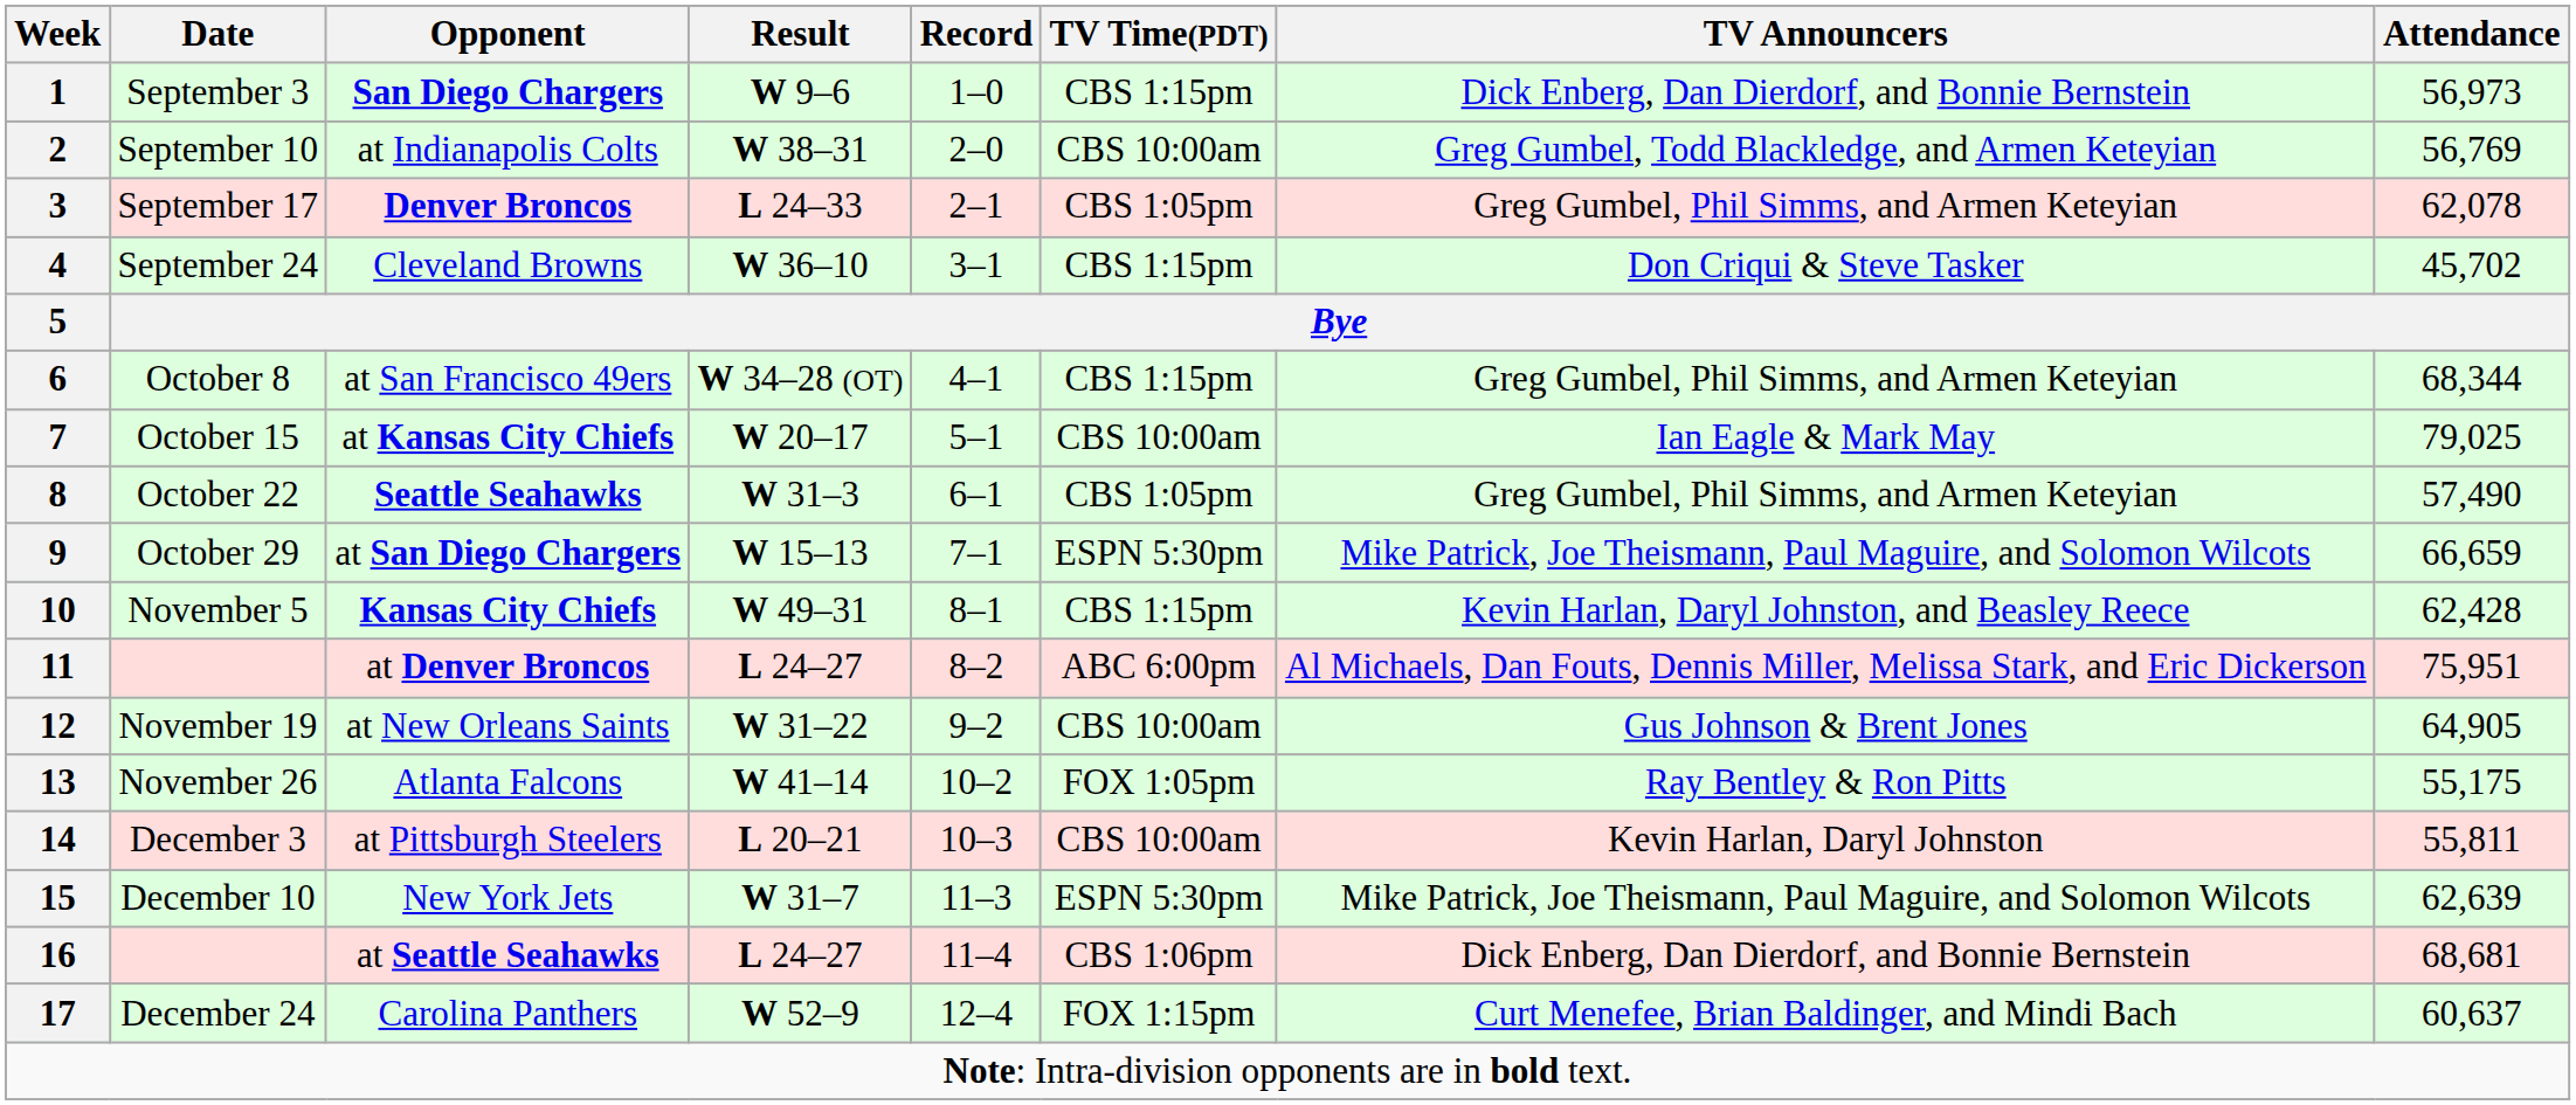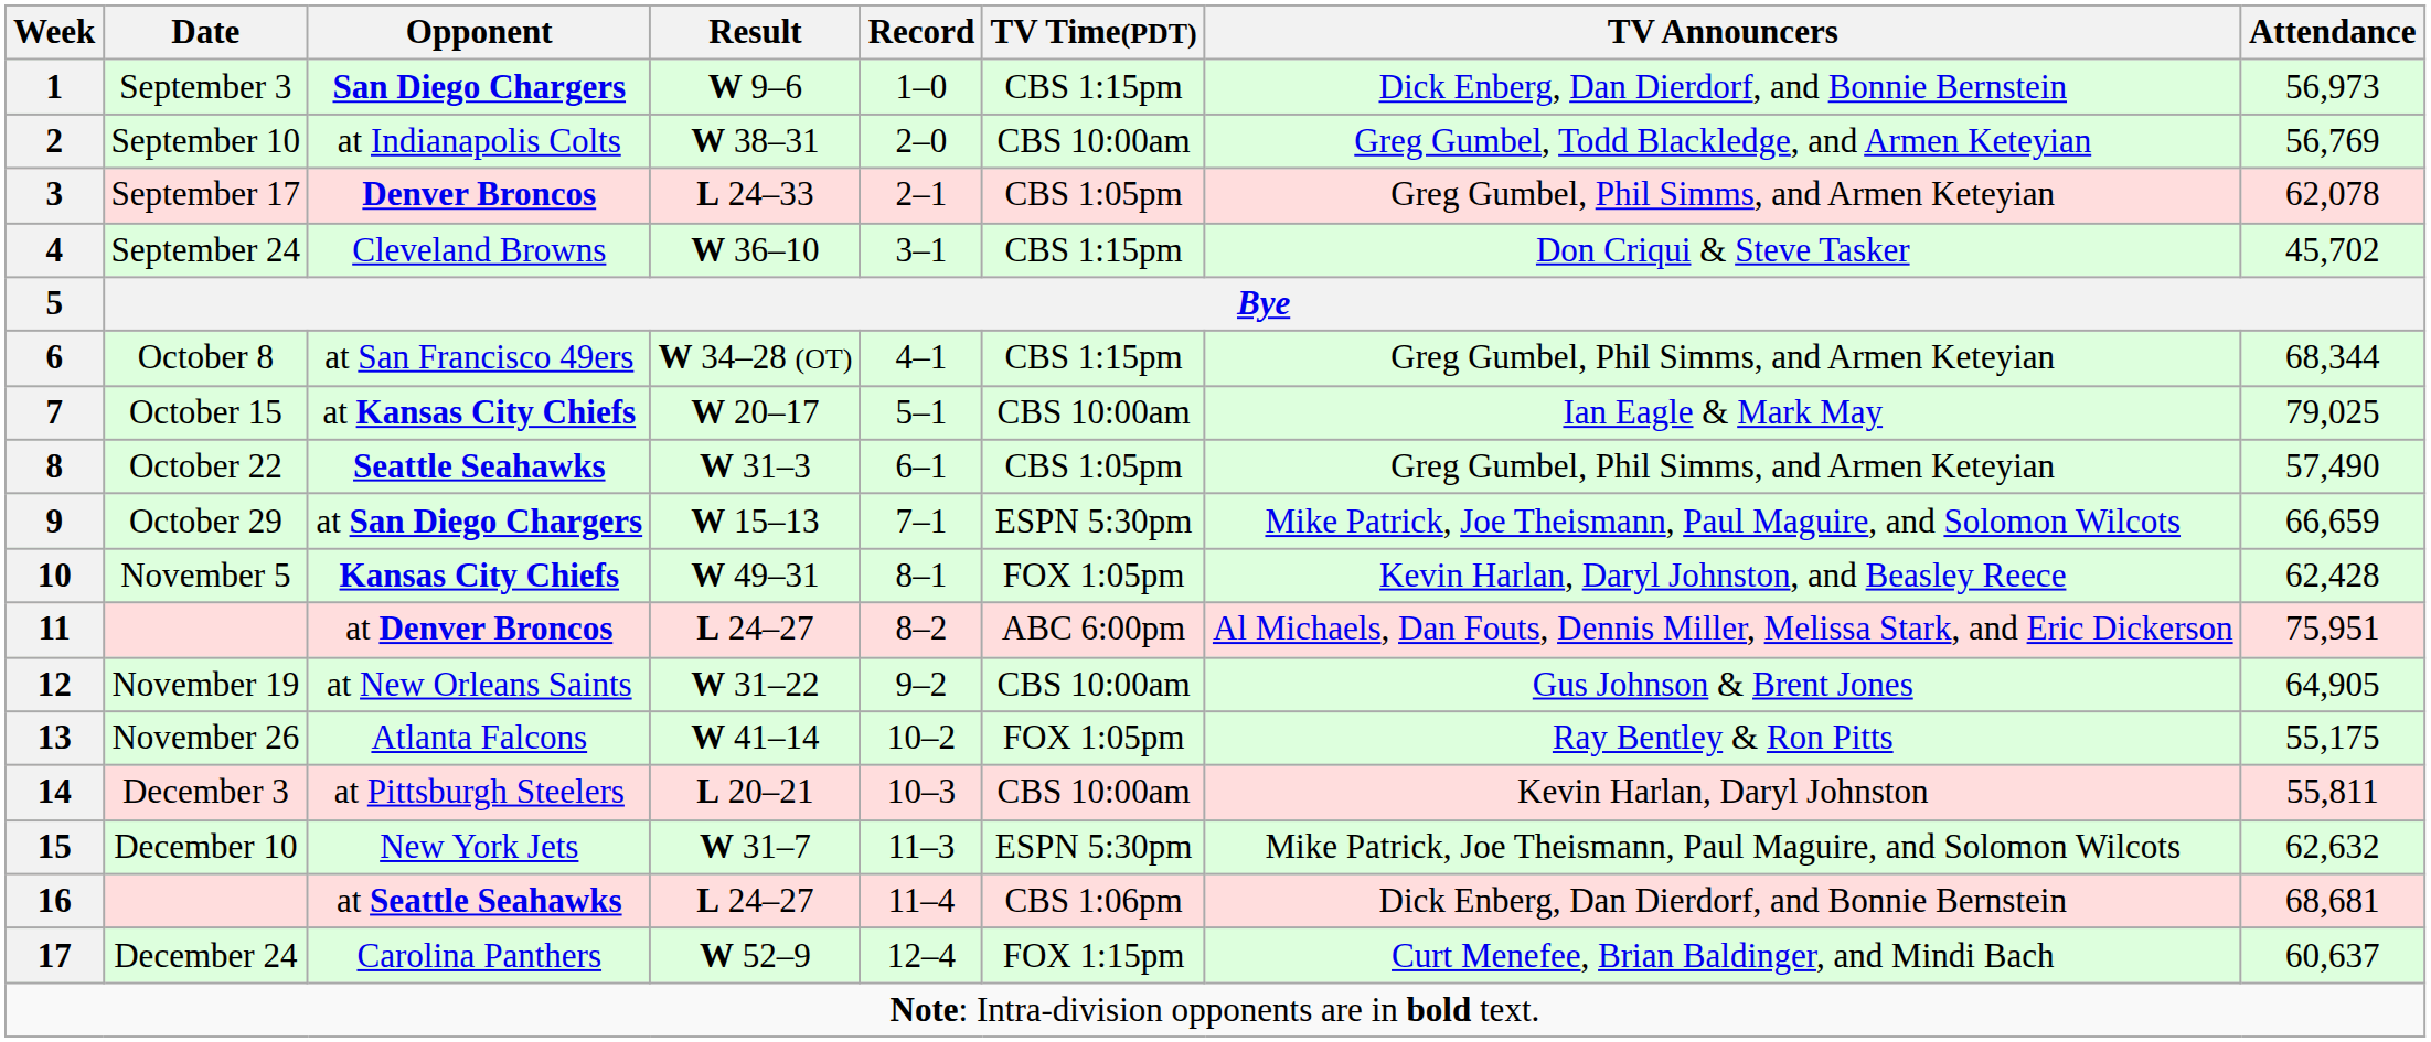 <table class="wikitable" style="text-align:center;">
 <tr>
 <th>Week</th>
 <th>Date</th>
 <th>Opponent</th>
 <th>Result</th>
 <th>Record</th>
 <th>TV Time<small>(PDT)</small></th>
 <th>TV Announcers</th>
 <th>Attendance</th>
 </tr>
 <tr style="background: #ddffdd;">
 <th>1</th>
 <td>September 3</td>
 <td><strong><a href='#'>San Diego Chargers</a></strong></td>
 <td><strong>W</strong> 9–6</td>
 <td>1–0</td>
 <td>CBS 1:15pm</td>
 <td><a href='#'>Dick Enberg</a>, <a href='#'>Dan Dierdorf</a>, and <a href='#'>Bonnie Bernstein</a></td>
 <td>56,973</td>
 </tr>
 <tr style="background: #ddffdd;">
 <th>2</th>
 <td>September 10</td>
 <td>at <a href='#'>Indianapolis Colts</a></td>
 <td><strong>W</strong> 38–31</td>
 <td>2–0</td>
 <td>CBS 10:00am</td>
 <td><a href='#'>Greg Gumbel</a>, <a href='#'>Todd Blackledge</a>, and <a href='#'>Armen Keteyian</a></td>
 <td>56,769</td>
 </tr>
 <tr style="background: #ffdddd;">
 <th>3</th>
 <td>September 17</td>
 <td><strong><a href='#'>Denver Broncos</a></strong></td>
 <td><strong>L</strong> 24–33</td>
 <td>2–1</td>
 <td>CBS 1:05pm</td>
 <td>Greg Gumbel, <a href='#'>Phil Simms</a>, and Armen Keteyian</td>
 <td>62,078</td>
 </tr>
 <tr style="background: #ddffdd;">
 <th>4</th>
 <td>September 24</td>
 <td><a href='#'>Cleveland Browns</a></td>
 <td><strong>W</strong> 36–10</td>
 <td>3–1</td>
 <td>CBS 1:15pm</td>
 <td><a href='#'>Don Criqui</a> & <a href='#'>Steve Tasker</a></td>
 <td>45,702</td>
 </tr>
 <tr>
 <th>5</th>
 <th colspan="7"><em><a href='#'>Bye</a></em></th>
 </tr>
 <tr style="background: #ddffdd;">
 <th>6</th>
 <td>October 8</td>
 <td>at <a href='#'>San Francisco 49ers</a></td>
 <td><strong>W</strong> 34–28 <small>(OT)</small></td>
 <td>4–1</td>
 <td>CBS 1:15pm</td>
 <td>Greg Gumbel, Phil Simms, and Armen Keteyian</td>
 <td>68,344</td>
 </tr>
 <tr style="background: #ddffdd;">
 <th>7</th>
 <td>October 15</td>
 <td>at <strong><a href='#'>Kansas City Chiefs</a></strong></td>
 <td><strong>W</strong> 20–17</td>
 <td>5–1</td>
 <td>CBS 10:00am</td>
 <td><a href='#'>Ian Eagle</a> & <a href='#'>Mark May</a></td>
 <td>79,025</td>
 </tr>
 <tr style="background: #ddffdd;">
 <th>8</th>
 <td>October 22</td>
 <td><strong><a href='#'>Seattle Seahawks</a></strong></td>
 <td><strong>W</strong> 31–3</td>
 <td>6–1</td>
 <td>CBS 1:05pm</td>
 <td>Greg Gumbel, Phil Simms, and Armen Keteyian</td>
 <td>57,490</td>
 </tr>
 <tr style="background: #ddffdd;">
 <th>9</th>
 <td>October 29</td>
 <td>at <strong><a href='#'>San Diego Chargers</a></strong></td>
 <td><strong>W</strong> 15–13</td>
 <td>7–1</td>
 <td>ESPN 5:30pm</td>
 <td><a href='#'>Mike Patrick</a>, <a href='#'>Joe Theismann</a>, <a href='#'>Paul Maguire</a>, and <a href='#'>Solomon Wilcots</a></td>
 <td>66,659</td>
 </tr>
 <tr style="background: #ddffdd;">
 <th>10</th>
 <td>November 5</td>
 <td><strong><a href='#'>Kansas City Chiefs</a></strong></td>
 <td><strong>W</strong> 49–31</td>
 <td>8–1</td>
-<td>CBS 1:15pm</td>
+<td>FOX 1:05pm</td>
 <td><a href='#'>Kevin Harlan</a>, <a href='#'>Daryl Johnston</a>, and <a href='#'>Beasley Reece</a></td>
 <td>62,428</td>
 </tr>
 <tr style="background: #ffdddd;">
 <th>11</th>
 <td></td>
 <td>at <strong><a href='#'>Denver Broncos</a></strong></td>
 <td><strong>L</strong> 24–27</td>
 <td>8–2</td>
 <td>ABC 6:00pm</td>
 <td><a href='#'>Al Michaels</a>, <a href='#'>Dan Fouts</a>, <a href='#'>Dennis Miller</a>, <a href='#'>Melissa Stark</a>, and <a href='#'>Eric Dickerson</a></td>
 <td>75,951</td>
 </tr>
 <tr style="background: #ddffdd;">
 <th>12</th>
 <td>November 19</td>
 <td>at <a href='#'>New Orleans Saints</a></td>
 <td><strong>W</strong> 31–22</td>
 <td>9–2</td>
 <td>CBS 10:00am</td>
 <td><a href='#'>Gus Johnson</a> & <a href='#'>Brent Jones</a></td>
 <td>64,905</td>
 </tr>
 <tr style="background: #ddffdd;">
 <th>13</th>
 <td>November 26</td>
 <td><a href='#'>Atlanta Falcons</a></td>
 <td><strong>W</strong> 41–14</td>
 <td>10–2</td>
 <td>FOX 1:05pm</td>
 <td><a href='#'>Ray Bentley</a> & <a href='#'>Ron Pitts</a></td>
 <td>55,175</td>
 </tr>
 <tr style="background: #ffdddd;">
 <th>14</th>
 <td>December 3</td>
 <td>at <a href='#'>Pittsburgh Steelers</a></td>
 <td><strong>L</strong> 20–21</td>
 <td>10–3</td>
 <td>CBS 10:00am</td>
 <td>Kevin Harlan, Daryl Johnston</td>
 <td>55,811</td>
 </tr>
 <tr style="background: #ddffdd;">
 <th>15</th>
 <td>December 10</td>
 <td><a href='#'>New York Jets</a></td>
 <td><strong>W</strong> 31–7</td>
 <td>11–3</td>
 <td>ESPN 5:30pm</td>
 <td>Mike Patrick, Joe Theismann, Paul Maguire, and Solomon Wilcots</td>
-<td>62,639</td>
+<td>62,632</td>
 </tr>
 <tr style="background: #ffdddd;">
 <th>16</th>
 <td></td>
 <td>at <strong><a href='#'>Seattle Seahawks</a></strong></td>
 <td><strong>L</strong> 24–27</td>
 <td>11–4</td>
 <td>CBS 1:06pm</td>
 <td>Dick Enberg, Dan Dierdorf, and Bonnie Bernstein</td>
 <td>68,681</td>
 </tr>
 <tr style="background: #ddffdd;">
 <th>17</th>
 <td>December 24</td>
 <td><a href='#'>Carolina Panthers</a></td>
 <td><strong>W</strong> 52–9</td>
 <td>12–4</td>
 <td>FOX 1:15pm</td>
 <td><a href='#'>Curt Menefee</a>, <a href='#'>Brian Baldinger</a>, and Mindi Bach</td>
 <td>60,637</td>
 </tr>
 <tr>
 <td colspan="8"><strong>Note</strong>: Intra-division opponents are in <strong>bold</strong> text.</td>
 </tr>
 </table>
